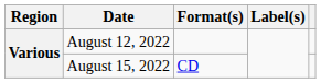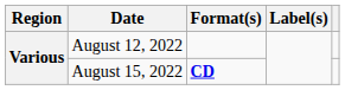 <table class="wikitable plainrowheaders">
 <tr>
 <th scope="col">Region</th>
 <th scope="col">Date</th>
 <th scope="col">Format(s)</th>
 <th scope="col">Label(s)</th>
 <th scope="col"></th>
 </tr>
 <tr>
 <th scope="row" rowspan="2">Various</th>
 <td>August 12, 2022</td>
 <td></td>
 <td rowspan="2"></td>
 <td style="text-align:center;"></td>
 </tr>
 <tr>
 <td>August 15, 2022</td>
-<td><a href='#'>CD</a></td>
+<td><strong><a href='#'>CD</a></strong></td>
 <td style="text-align:center;"></td>
 </tr>
 </table>
